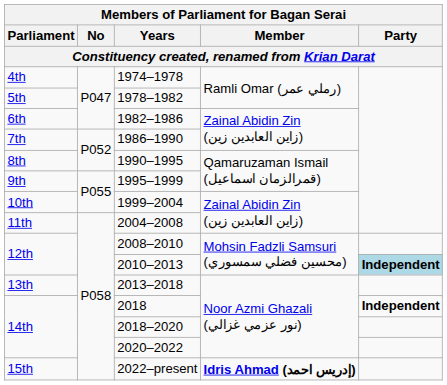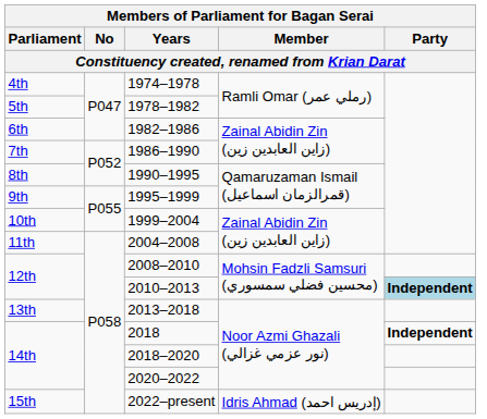 <table class=wikitable>
 <tr>
 <th colspan="5">Members of Parliament for Bagan Serai</th>
 </tr>
 <tr>
 <th>Parliament</th>
 <th>No</th>
 <th>Years</th>
 <th>Member</th>
 <th>Party</th>
 </tr>
 <tr>
 <th colspan="5" align="center"><em>Constituency created, renamed from <a href='#'>Krian Darat</a></em></th>
 </tr>
 <tr>
 <td><a href='#'>4th</a></td>
 <td rowspan="3">P047</td>
 <td>1974–1978</td>
 <td rowspan=2>Ramli Omar (رملي عمر)</td>
 <td rowspan="8"></td>
 </tr>
 <tr>
 <td><a href='#'>5th</a></td>
 <td>1978–1982</td>
 </tr>
 <tr>
 <td><a href='#'>6th</a></td>
 <td>1982–1986</td>
 <td rowspan=2><a href='#'>Zainal Abidin Zin</a>  <br>(زاين العابدين زين)</td>
 </tr>
 <tr>
 <td><a href='#'>7th</a></td>
 <td rowspan="2">P052</td>
 <td>1986–1990</td>
 </tr>
 <tr>
 <td><a href='#'>8th</a></td>
 <td>1990–1995</td>
 <td rowspan=2>Qamaruzaman Ismail  <br>(قمرالزمان اسماعيل)</td>
 </tr>
 <tr>
 <td><a href='#'>9th</a></td>
 <td rowspan="2">P055</td>
 <td>1995–1999</td>
 </tr>
 <tr>
 <td><a href='#'>10th</a></td>
 <td>1999–2004</td>
 <td rowspan=2><a href='#'>Zainal Abidin Zin</a> <br> (زاين العابدين زين)</td>
 </tr>
 <tr>
 <td><a href='#'>11th</a></td>
 <td rowspan="9">P058</td>
 <td>2004–2008</td>
 </tr>
 <tr>
 <td rowspan=2><a href='#'>12th</a></td>
 <td>2008–2010</td>
 <td rowspan=2><a href='#'>Mohsin Fadzli Samsuri</a> <br> (محسين فضلي سمسوري)</td>
 <td></td>
 </tr>
 <tr>
 <td>2010–2013</td>
 <td style="background: lightblue;"><strong>Independent</strong></td>
 </tr>
 <tr>
 <td><a href='#'>13th</a></td>
 <td>2013–2018</td>
 <td rowspan="5"><a href='#'>Noor Azmi Ghazali</a>  <br>(نور عزمي غزالي)</td>
 <td rowspan="2"></td>
 </tr>
 <tr>
 <td rowspan=4><a href='#'>14th</a></td>
 <td rowspan="2">2018</td>
 </tr>
 <tr>
 <td><strong>Independent</strong></td>
 </tr>
 <tr>
 <td>2018–2020</td>
 <td></td>
 </tr>
 <tr>
 <td>2020–2022</td>
 <td></td>
 </tr>
 <tr>
 <td><a href='#'>15th</a></td>
 <td>2022–present</td>
-<td><strong><a href='#'>Idris Ahmad</a> (إدريس احمد)</strong></td>
+<td><a href='#'>Idris Ahmad</a> (إدريس احمد)</td>
 <td></td>
 </tr>
 </table>
